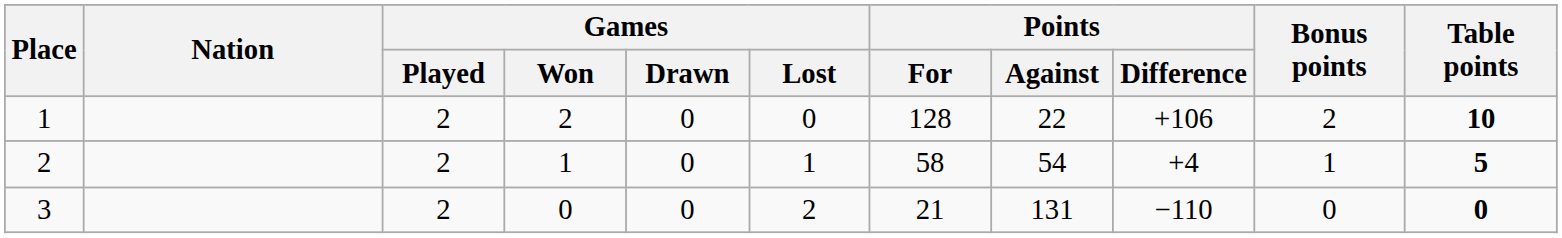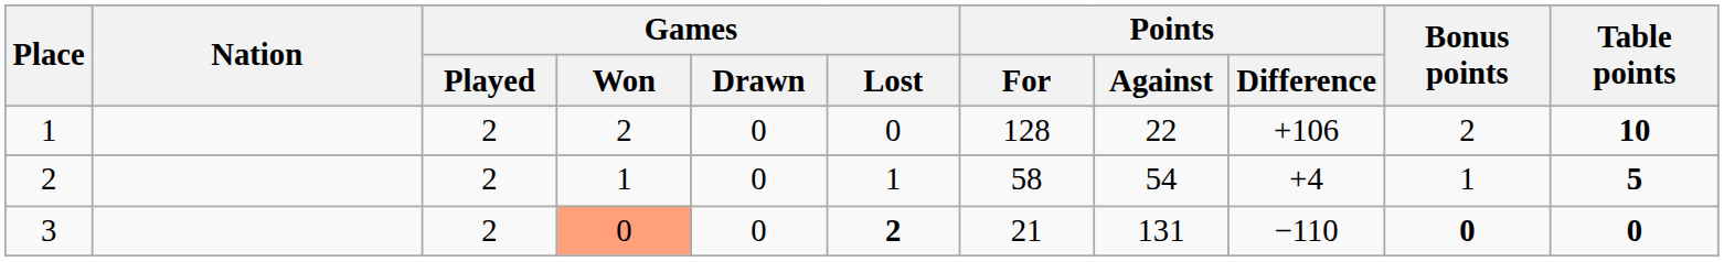 <table class="wikitable" style="text-align:center">
 <tr>
 <th rowspan=2 width="4%">Place</th>
 <th rowspan=2 width="20%">Nation</th>
 <th colspan=4 width="32%">Games</th>
 <th colspan=3 width="24%">Points</th>
 <th rowspan=2 width="10%">Bonus<br>points</th>
 <th rowspan=2 width="10%">Table<br>points</th>
 </tr>
 <tr>
 <th width="8%">Played</th>
 <th width="8%">Won</th>
 <th width="8%">Drawn</th>
 <th width="8%">Lost</th>
 <th width="8%">For</th>
 <th width="8%">Against</th>
 <th width="8%">Difference</th>
 </tr>
 <tr>
 <td>1</td>
 <td align=left></td>
 <td>2</td>
 <td>2</td>
 <td>0</td>
 <td>0</td>
 <td>128</td>
 <td>22</td>
 <td>+106</td>
 <td>2</td>
 <td><strong>10</strong></td>
 </tr>
 <tr>
 <td>2</td>
 <td align=left></td>
 <td>2</td>
 <td>1</td>
 <td>0</td>
 <td>1</td>
 <td>58</td>
 <td>54</td>
 <td>+4</td>
 <td>1</td>
 <td><strong>5</strong></td>
 </tr>
 <tr>
 <td>3</td>
 <td align=left></td>
 <td>2</td>
+<td style="background: lightsalmon;">0</td>
 <td>0</td>
-<td>0</td>
-<td>2</td>
+<td><strong>2</strong></td>
 <td>21</td>
 <td>131</td>
 <td>−110</td>
-<td>0</td>
+<td><strong>0</strong></td>
 <td><strong>0</strong></td>
 </tr>
 </table>
